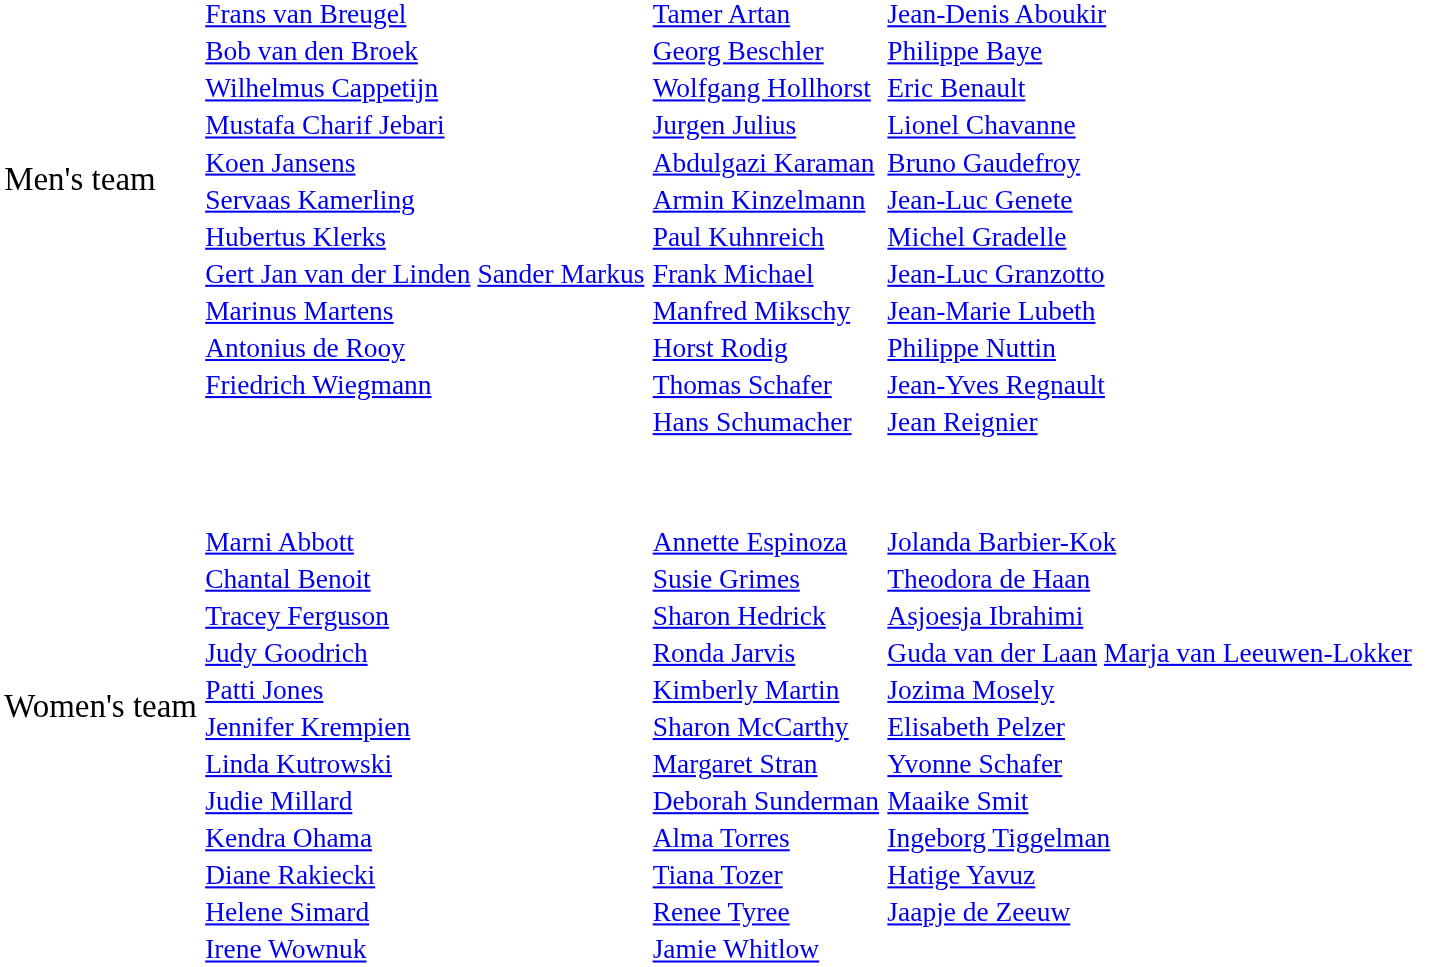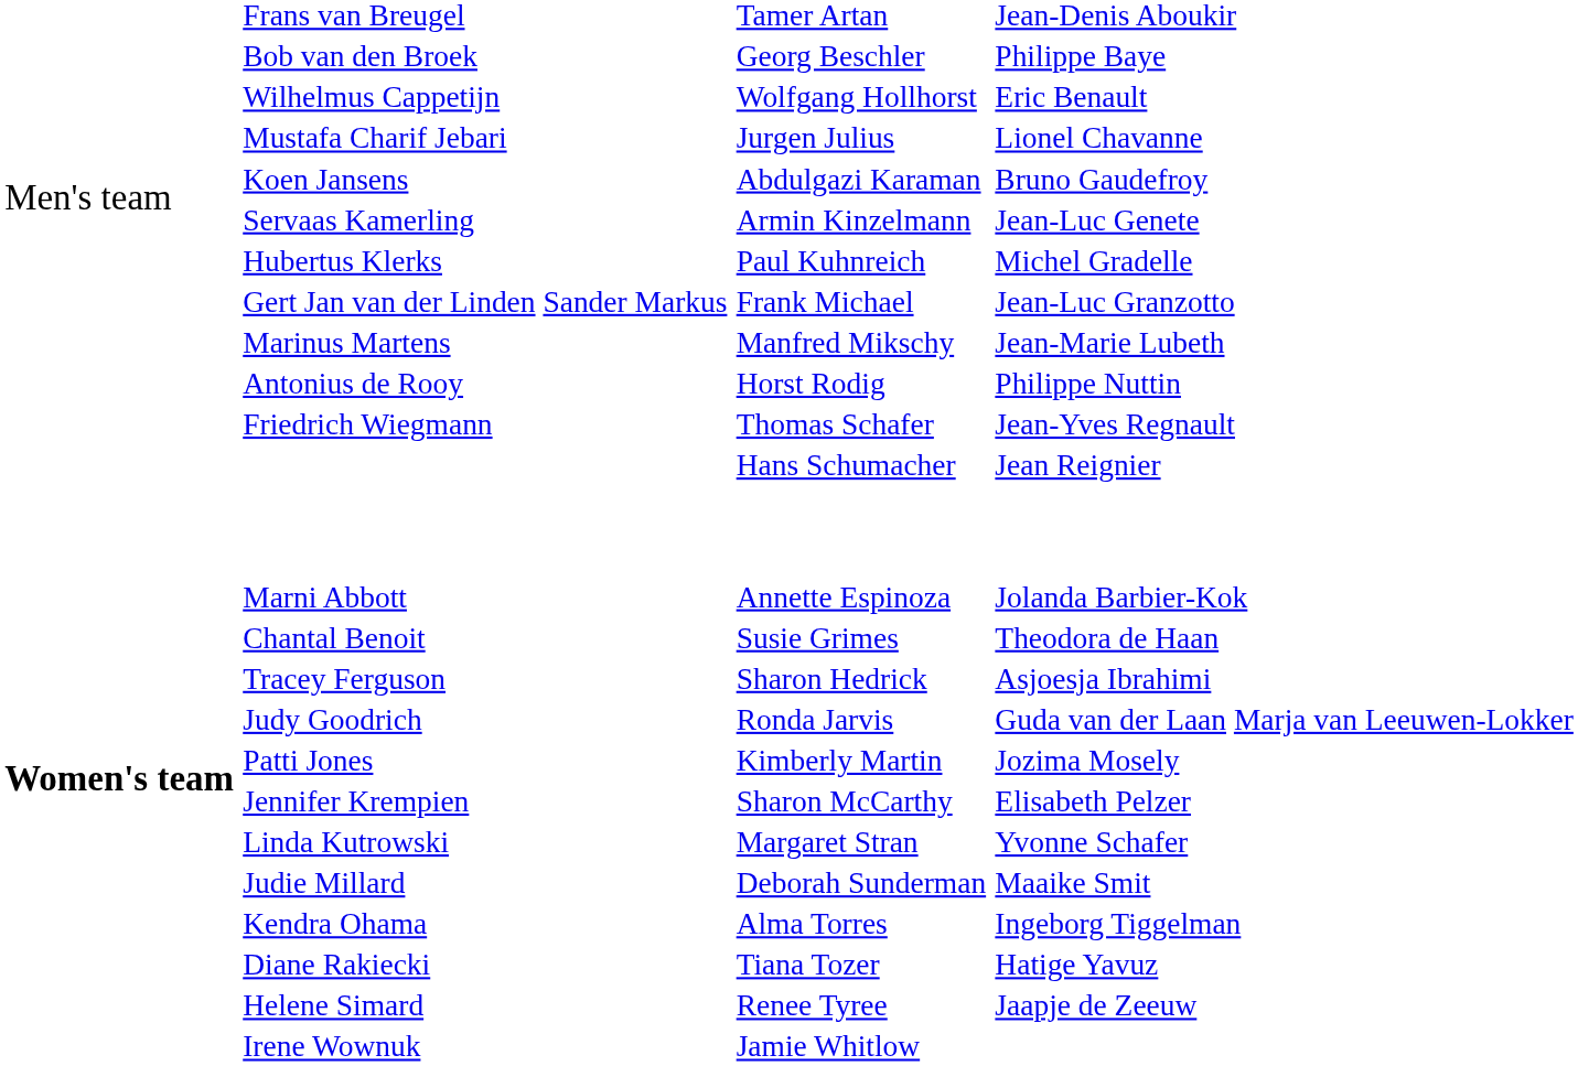 <table>
 <tr>
 <td>Men's team<br></td>
 <td valign=top> <br><br><small><a href='#'>Frans van Breugel</a> <br> <a href='#'>Bob van den Broek</a> <br> <a href='#'>Wilhelmus Cappetijn</a> <br> <a href='#'>Mustafa Charif Jebari</a> <br> <a href='#'>Koen Jansens</a> <br> <a href='#'>Servaas Kamerling</a> <br> <a href='#'>Hubertus Klerks</a> <br> <a href='#'>Gert Jan van der Linden</a> <a href='#'>Sander Markus</a> <br> <a href='#'>Marinus Martens</a> <br> <a href='#'>Antonius de Rooy</a> <br> <a href='#'>Friedrich Wiegmann</a></small></td>
 <td valign=top> <br><br><small><a href='#'>Tamer Artan</a> <br> <a href='#'>Georg Beschler</a> <br> <a href='#'>Wolfgang Hollhorst</a> <br> <a href='#'>Jurgen Julius</a> <br> <a href='#'>Abdulgazi Karaman</a> <br> <a href='#'>Armin Kinzelmann</a> <br> <a href='#'>Paul Kuhnreich</a> <br> <a href='#'>Frank Michael</a> <br> <a href='#'>Manfred Mikschy</a> <br> <a href='#'>Horst Rodig</a> <br> <a href='#'>Thomas Schafer</a> <br> <a href='#'>Hans Schumacher</a></small></td>
 <td valign=top> <br><br><small><a href='#'>Jean-Denis Aboukir</a> <br> <a href='#'>Philippe Baye</a> <br> <a href='#'>Eric Benault</a> <br> <a href='#'>Lionel Chavanne</a> <br> <a href='#'>Bruno Gaudefroy</a> <br> <a href='#'>Jean-Luc Genete</a> <br> <a href='#'>Michel Gradelle</a> <br> <a href='#'>Jean-Luc Granzotto</a> <br> <a href='#'>Jean-Marie Lubeth</a> <br> <a href='#'>Philippe Nuttin</a> <br> <a href='#'>Jean-Yves Regnault</a> <br> <a href='#'>Jean Reignier</a></small></td>
 </tr>
 <tr>
-<td>Women's team<br></td>
+<td><strong>Women's team<br></strong></td>
 <td valign=top> <br><br><small><a href='#'>Marni Abbott</a> <br> <a href='#'>Chantal Benoit</a> <br> <a href='#'>Tracey Ferguson</a> <br> <a href='#'>Judy Goodrich</a> <br> <a href='#'>Patti Jones</a> <br> <a href='#'>Jennifer Krempien</a> <br> <a href='#'>Linda Kutrowski</a> <br> <a href='#'>Judie Millard</a> <br> <a href='#'>Kendra Ohama</a> <br> <a href='#'>Diane Rakiecki</a> <br> <a href='#'>Helene Simard</a> <br> <a href='#'>Irene Wownuk</a></small></td>
 <td valign=top> <br><br><small><a href='#'>Annette Espinoza</a> <br> <a href='#'>Susie Grimes</a> <br> <a href='#'>Sharon Hedrick</a> <br> <a href='#'>Ronda Jarvis</a> <br> <a href='#'>Kimberly Martin</a> <br> <a href='#'>Sharon McCarthy</a> <br> <a href='#'>Margaret Stran</a> <br> <a href='#'>Deborah Sunderman</a> <br> <a href='#'>Alma Torres</a> <br> <a href='#'>Tiana Tozer</a> <br> <a href='#'>Renee Tyree</a> <br> <a href='#'>Jamie Whitlow</a></small></td>
 <td valign=top> <br><br><small><a href='#'>Jolanda Barbier-Kok</a> <br> <a href='#'>Theodora de Haan</a> <br> <a href='#'>Asjoesja Ibrahimi</a> <br> <a href='#'>Guda van der Laan</a> <a href='#'>Marja van Leeuwen-Lokker</a> <br> <a href='#'>Jozima Mosely</a> <br> <a href='#'>Elisabeth Pelzer</a> <br> <a href='#'>Yvonne Schafer</a> <br> <a href='#'>Maaike Smit</a> <br> <a href='#'>Ingeborg Tiggelman</a> <br> <a href='#'>Hatige Yavuz</a> <br> <a href='#'>Jaapje de Zeeuw</a></small></td>
 </tr>
 </table>
